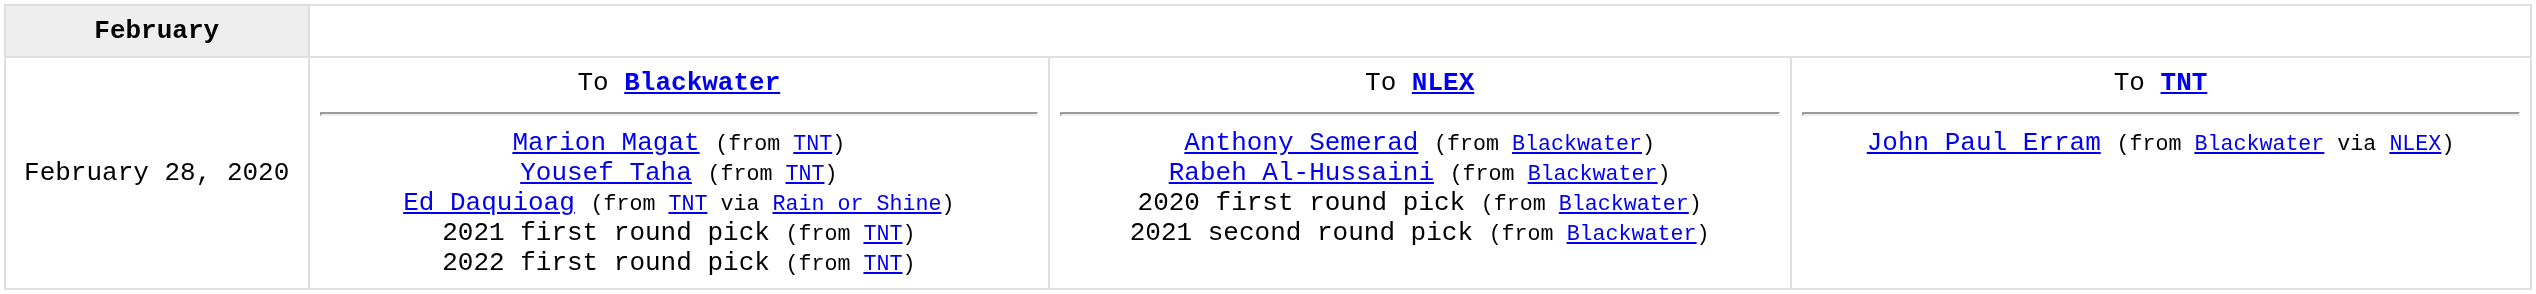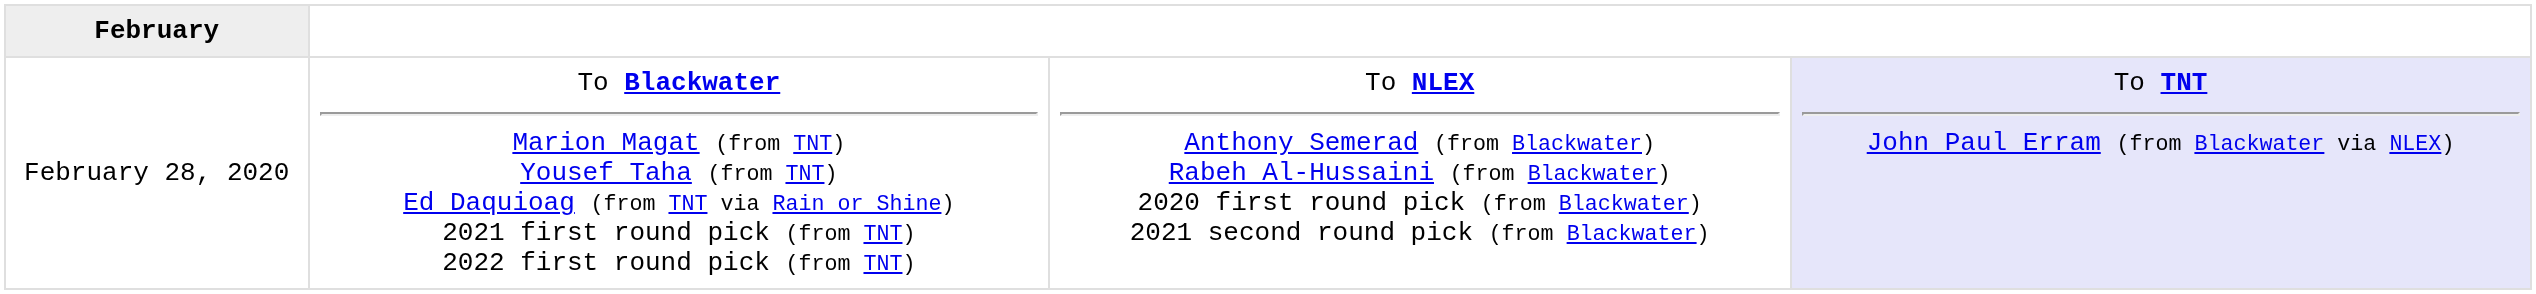 <table border=1 style="border-collapse:collapse; text-align: center; width: 100%" bordercolor="#DFDFDF"  cellpadding="5">
 <tr bgcolor="eeeeee">
 <th>February</th>
 </tr>
 <tr>
 <td style="width:12%" rowspan=1>February 28, 2020</td>
 <td style="width:29.3%" valign="top">To <strong><a href='#'>Blackwater</a></strong><hr><a href='#'>Marion Magat</a> <small>(from <a href='#'>TNT</a>)</small><br><a href='#'>Yousef Taha</a> <small>(from <a href='#'>TNT</a>)</small><br><a href='#'>Ed Daquioag</a> <small>(from <a href='#'>TNT</a> via <a href='#'>Rain or Shine</a>)</small><br>2021 first round pick <small>(from <a href='#'>TNT</a>)</small><br>2022 first round pick <small>(from <a href='#'>TNT</a>)</small></td>
 <td style="width:29.3%" valign="top">To <strong><a href='#'>NLEX</a></strong><hr><a href='#'>Anthony Semerad</a> <small>(from <a href='#'>Blackwater</a>)</small><br><a href='#'>Rabeh Al-Hussaini</a> <small>(from <a href='#'>Blackwater</a>)</small><br>2020 first round pick <small>(from <a href='#'>Blackwater</a>)</small><br>2021 second round pick <small>(from <a href='#'>Blackwater</a>)</small></td>
-<td style="width:29.3%" valign="top">To <strong><a href='#'>TNT</a></strong><hr><a href='#'>John Paul Erram</a> <small>(from <a href='#'>Blackwater</a> via <a href='#'>NLEX</a>)</small></td>
+<td style="background: lavender; width:29.3%" valign="top">To <strong><a href='#'>TNT</a></strong><hr><a href='#'>John Paul Erram</a> <small>(from <a href='#'>Blackwater</a> via <a href='#'>NLEX</a>)</small></td>
 </tr>
 </table>
